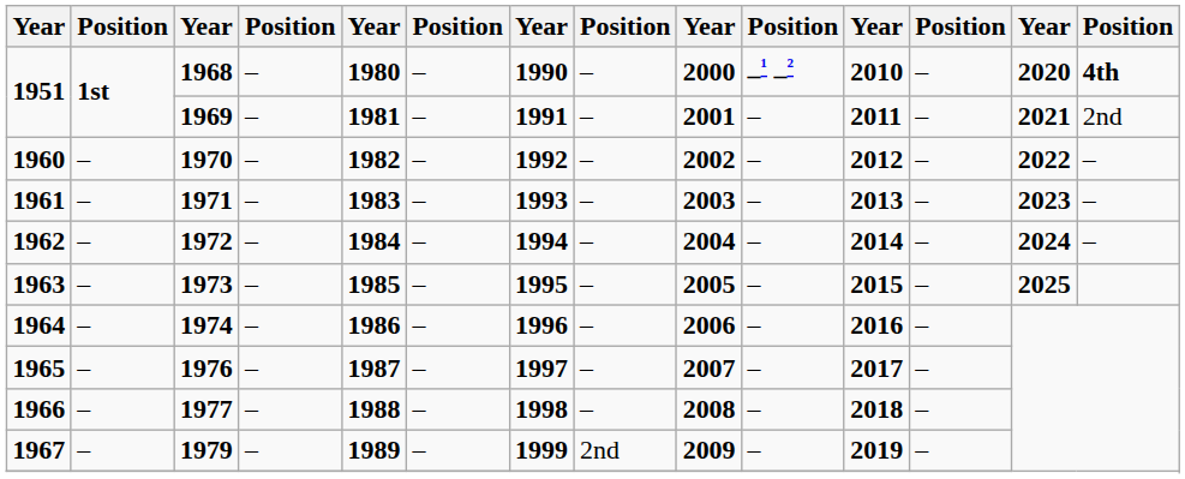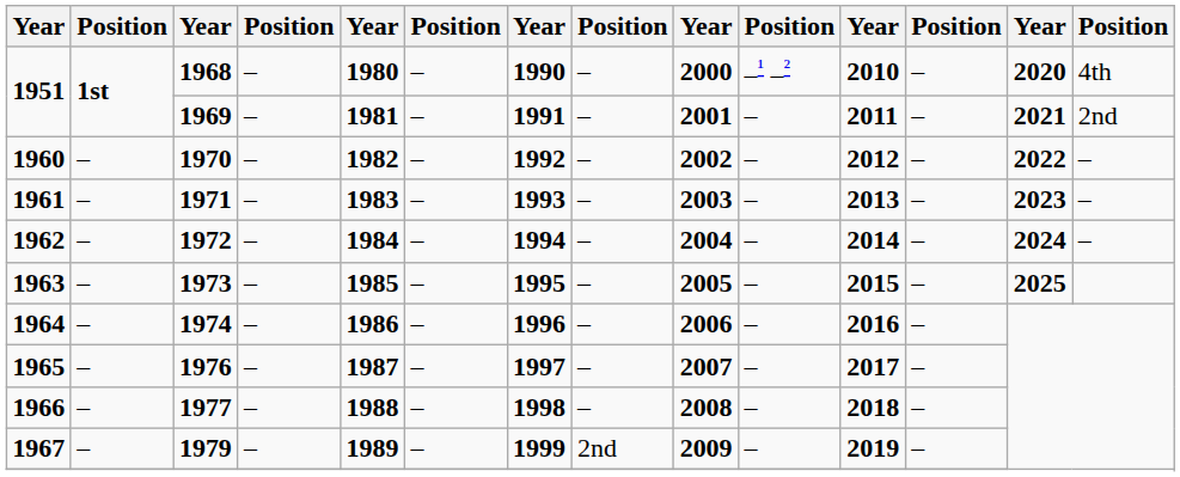 <table class="wikitable" style="margin:1em auto;">
 <tr>
 <th>Year</th>
 <th>Position</th>
 <th>Year</th>
 <th>Position</th>
 <th>Year</th>
 <th>Position</th>
 <th>Year</th>
 <th>Position</th>
 <th>Year</th>
 <th>Position</th>
 <th>Year</th>
 <th>Position</th>
 <th>Year</th>
 <th>Position</th>
 </tr>
 <tr>
 <td rowspan="2"><strong>1951</strong></td>
 <td rowspan="2"><strong>1st</strong></td>
 <td><strong>1968</strong></td>
 <td>–</td>
 <td><strong>1980</strong></td>
 <td>–</td>
 <td><strong>1990</strong></td>
 <td>–</td>
 <td><strong>2000</strong></td>
-<td><strong>–<sup><a href='#'>¹</a></sup> –<sup><a href='#'>²</a></sup></strong></td>
+<td>–<sup><a href='#'>¹</a></sup> –<sup><a href='#'>²</a></sup></td>
 <td><strong>2010</strong></td>
 <td>–</td>
 <td><strong>2020</strong></td>
-<td><strong>4th</strong></td>
+<td>4th</td>
 </tr>
 <tr>
 <td><strong>1969</strong></td>
 <td>–</td>
 <td><strong>1981</strong></td>
 <td>–</td>
 <td><strong>1991</strong></td>
 <td>–</td>
 <td><strong>2001</strong></td>
 <td>–</td>
 <td><strong>2011</strong></td>
 <td>–</td>
 <td><strong>2021</strong></td>
 <td>2nd</td>
 </tr>
 <tr>
 <td><strong>1960</strong></td>
 <td>–</td>
 <td><strong>1970</strong></td>
 <td>–</td>
 <td><strong>1982</strong></td>
 <td>–</td>
 <td><strong>1992</strong></td>
 <td>–</td>
 <td><strong>2002</strong></td>
 <td>–</td>
 <td><strong>2012</strong></td>
 <td>–</td>
 <td><strong>2022</strong></td>
 <td>–</td>
 </tr>
 <tr>
 <td><strong>1961</strong></td>
 <td>–</td>
 <td><strong>1971</strong></td>
 <td>–</td>
 <td><strong>1983</strong></td>
 <td>–</td>
 <td><strong>1993</strong></td>
 <td>–</td>
 <td><strong>2003</strong></td>
 <td>–</td>
 <td><strong>2013</strong></td>
 <td>–</td>
 <td><strong>2023</strong></td>
 <td>–</td>
 </tr>
 <tr>
 <td><strong>1962</strong></td>
 <td>–</td>
 <td><strong>1972</strong></td>
 <td>–</td>
 <td><strong>1984</strong></td>
 <td>–</td>
 <td><strong>1994</strong></td>
 <td>–</td>
 <td><strong>2004</strong></td>
 <td>–</td>
 <td><strong>2014</strong></td>
 <td>–</td>
 <td><strong>2024</strong></td>
 <td>–</td>
 </tr>
 <tr>
 <td><strong>1963</strong></td>
 <td>–</td>
 <td><strong>1973</strong></td>
 <td>–</td>
 <td><strong>1985</strong></td>
 <td>–</td>
 <td><strong>1995</strong></td>
 <td>–</td>
 <td><strong>2005</strong></td>
 <td>–</td>
 <td><strong>2015</strong></td>
 <td>–</td>
 <td><strong>2025</strong></td>
 <td></td>
 </tr>
 <tr>
 <td><strong>1964</strong></td>
 <td>–</td>
 <td><strong>1974</strong></td>
 <td>–</td>
 <td><strong>1986</strong></td>
 <td>–</td>
 <td><strong>1996</strong></td>
 <td>–</td>
 <td><strong>2006</strong></td>
 <td>–</td>
 <td><strong>2016</strong></td>
 <td>–</td>
 </tr>
 <tr>
 <td><strong>1965</strong></td>
 <td>–</td>
 <td><strong>1976</strong></td>
 <td>–</td>
 <td><strong>1987</strong></td>
 <td>–</td>
 <td><strong>1997</strong></td>
 <td>–</td>
 <td><strong>2007</strong></td>
 <td>–</td>
 <td><strong>2017</strong></td>
 <td>–</td>
 </tr>
 <tr>
 <td><strong>1966</strong></td>
 <td>–</td>
 <td><strong>1977</strong></td>
 <td>–</td>
 <td><strong>1988</strong></td>
 <td>–</td>
 <td><strong>1998</strong></td>
 <td>–</td>
 <td><strong>2008</strong></td>
 <td>–</td>
 <td><strong>2018</strong></td>
 <td>–</td>
 </tr>
 <tr>
 <td><strong>1967</strong></td>
 <td>–</td>
 <td><strong>1979</strong></td>
 <td>–</td>
 <td><strong>1989</strong></td>
 <td>–</td>
 <td><strong>1999</strong></td>
 <td>2nd</td>
 <td><strong>2009</strong></td>
 <td>–</td>
 <td><strong>2019</strong></td>
 <td>–</td>
 </tr>
 <tr>
 </tr>
 </table>
